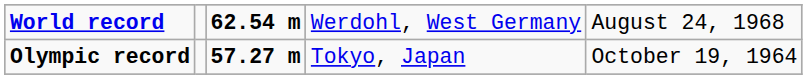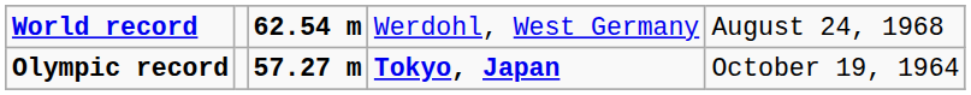 <table class="wikitable">
 <tr>
 <td><strong><a href='#'>World record</a></strong></td>
 <td></td>
 <td><strong>62.54 m</strong></td>
 <td><a href='#'>Werdohl</a>, <a href='#'>West Germany</a></td>
 <td>August 24, 1968</td>
 </tr>
 <tr>
 <td><strong>Olympic record</strong></td>
 <td></td>
 <td><strong>57.27 m</strong></td>
-<td><a href='#'>Tokyo</a>, <a href='#'>Japan</a></td>
+<td><strong><a href='#'>Tokyo</a>, <a href='#'>Japan</a></strong></td>
 <td>October 19, 1964</td>
 </tr>
 </table>
